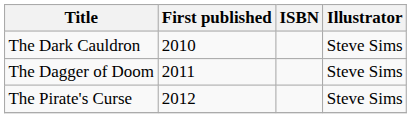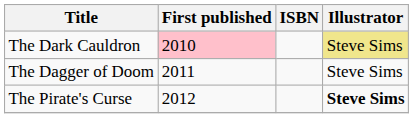 <table class="wikitable sortable nowraplinks">
 <tr>
 <th scope="col">Title</th>
 <th scope="col">First published</th>
 <th scope="col">ISBN</th>
 <th scope="col">Illustrator</th>
 </tr>
 <tr>
 <td>The Dark Cauldron</td>
-<td>2010</td>
+<td style="background: pink;">2010</td>
 <td></td>
-<td>Steve Sims</td>
+<td style="background: khaki;">Steve Sims</td>
 </tr>
 <tr>
 <td>The Dagger of Doom</td>
 <td>2011</td>
 <td></td>
 <td>Steve Sims</td>
 </tr>
 <tr>
 <td>The Pirate's Curse</td>
 <td>2012</td>
 <td></td>
-<td>Steve Sims</td>
+<td><strong>Steve Sims</strong></td>
 </tr>
 <tr>
 </tr>
 </table>
